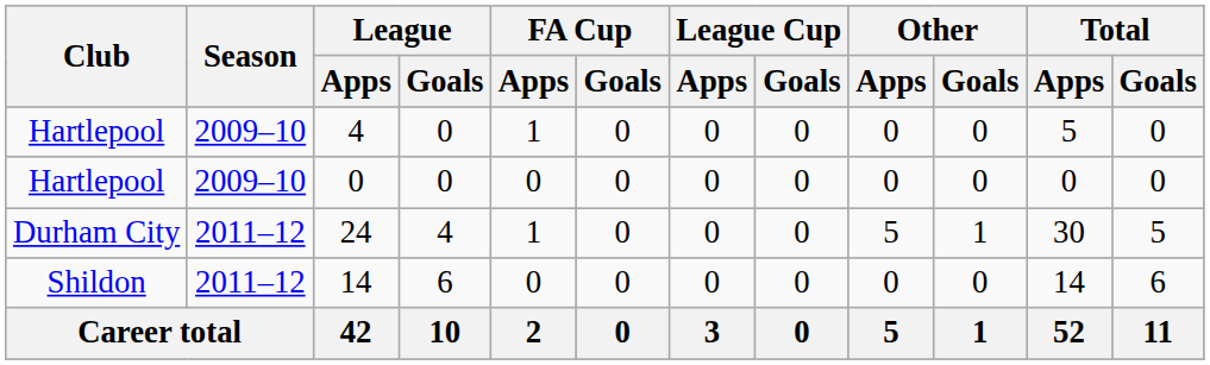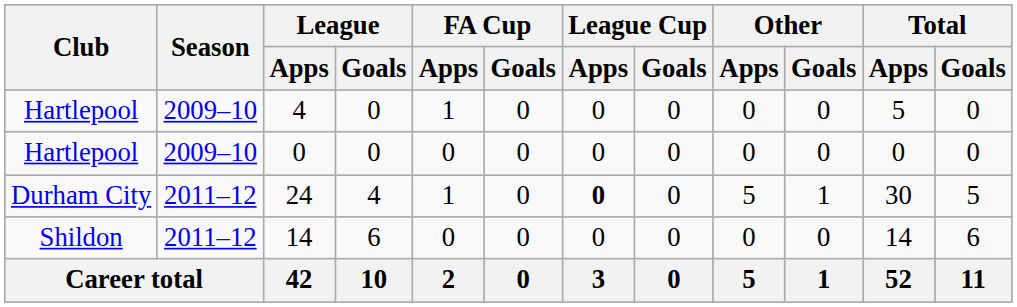 <table class="wikitable" style="text-align:center;">
 <tr>
 <th rowspan="2">Club</th>
 <th rowspan="2">Season</th>
 <th colspan="2">League</th>
 <th colspan="2">FA Cup</th>
 <th colspan="2">League Cup</th>
 <th colspan="2">Other</th>
 <th colspan="2">Total</th>
 </tr>
 <tr>
 <th>Apps</th>
 <th>Goals</th>
 <th>Apps</th>
 <th>Goals</th>
 <th>Apps</th>
 <th>Goals</th>
 <th>Apps</th>
 <th>Goals</th>
 <th>Apps</th>
 <th>Goals</th>
 </tr>
 <tr>
 <td style="vertical-align:top;"><a href='#'>Hartlepool</a></td>
 <td><a href='#'>2009–10</a></td>
 <td>4</td>
 <td>0</td>
 <td>1</td>
 <td>0</td>
 <td>0</td>
 <td>0</td>
 <td>0</td>
 <td>0</td>
 <td>5</td>
 <td>0</td>
 </tr>
 <tr>
 <td style="vertical-align:top;"><a href='#'>Hartlepool</a></td>
 <td><a href='#'>2009–10</a></td>
 <td>0</td>
 <td>0</td>
 <td>0</td>
 <td>0</td>
 <td>0</td>
 <td>0</td>
 <td>0</td>
 <td>0</td>
 <td>0</td>
 <td>0</td>
 </tr>
 <tr>
 <td style="vertical-align:top;"><a href='#'>Durham City</a></td>
 <td><a href='#'>2011–12</a></td>
 <td>24</td>
 <td>4</td>
 <td>1</td>
 <td>0</td>
-<td>0</td>
+<td><strong>0</strong></td>
 <td>0</td>
 <td>5</td>
 <td>1</td>
 <td>30</td>
 <td>5</td>
 </tr>
 <tr>
 <td style="vertical-align:top;"><a href='#'>Shildon</a></td>
 <td><a href='#'>2011–12</a></td>
 <td>14</td>
 <td>6</td>
 <td>0</td>
 <td>0</td>
 <td>0</td>
 <td>0</td>
 <td>0</td>
 <td>0</td>
 <td>14</td>
 <td>6</td>
 </tr>
 <tr>
 <th colspan="2">Career total</th>
 <th>42</th>
 <th>10</th>
 <th>2</th>
 <th>0</th>
 <th>3</th>
 <th>0</th>
 <th>5</th>
 <th>1</th>
 <th>52</th>
 <th>11</th>
 </tr>
 </table>
